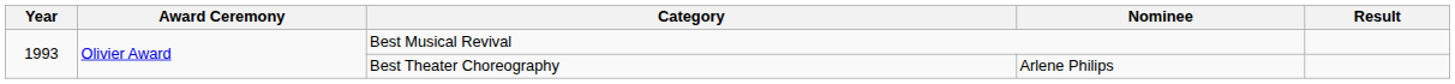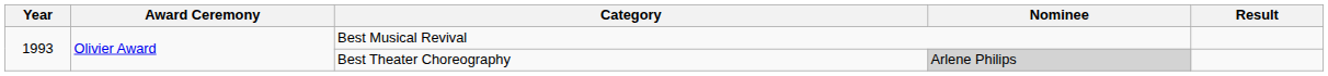 <table class="wikitable" style="width:95%;">
 <tr>
 <th style="width:5%;">Year</th>
 <th style="width:20%;">Award Ceremony</th>
 <th style="width:45%;">Category</th>
 <th style="width:20%;">Nominee</th>
 <th style="width:10%;">Result</th>
 </tr>
 <tr>
 <td rowspan="6" style="text-align:center;">1993</td>
 <td rowspan="2"><a href='#'>Olivier Award</a></td>
 <td colspan="2">Best Musical Revival</td>
 <td></td>
 </tr>
 <tr>
 <td>Best Theater Choreography</td>
-<td>Arlene Philips</td>
+<td style="background: lightgrey;">Arlene Philips</td>
 <td></td>
 </tr>
 </table>
